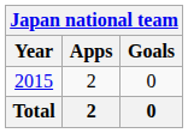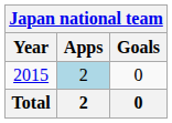 <table class="wikitable" style="text-align:center">
 <tr>
 <th colspan=3><a href='#'>Japan national team</a></th>
 </tr>
 <tr>
 <th>Year</th>
 <th>Apps</th>
 <th>Goals</th>
 </tr>
 <tr>
 <td><a href='#'>2015</a></td>
-<td>2</td>
+<td style="background: lightblue;">2</td>
 <td>0</td>
 </tr>
 <tr>
 <th>Total</th>
 <th>2</th>
 <th>0</th>
 </tr>
 </table>
